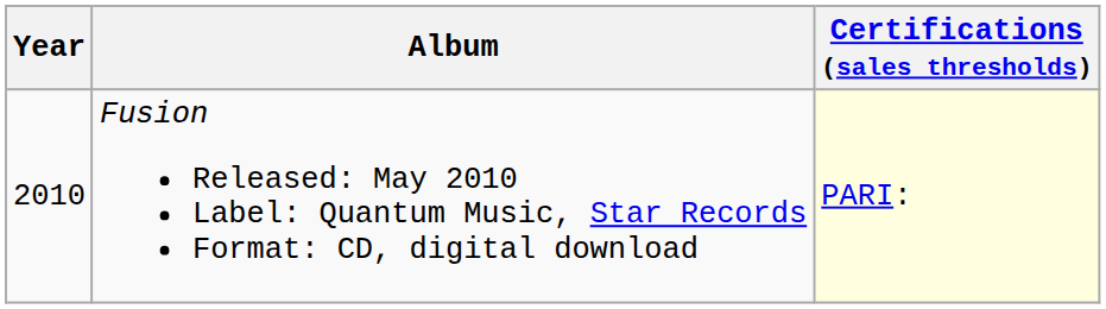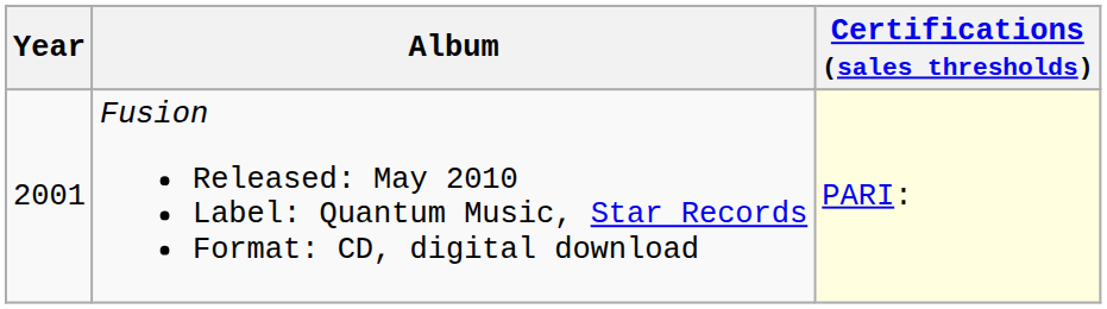 <table class="wikitable">
 <tr>
 <th>Year</th>
 <th>Album</th>
 <th><a href='#'>Certifications</a><br><small>(<a href='#'>sales thresholds</a>)</small></th>
 </tr>
 <tr>
-<td>2010</td>
+<td>2001</td>
 <td><em>Fusion</em><br><ul><li>Released: May 2010</li><li>Label: Quantum Music, <a href='#'>Star Records</a></li><li>Format: CD, digital download</li></ul></td>
 <td style="background: lightyellow;"><a href='#'>PARI</a>:</td>
 </tr>
 </table>
